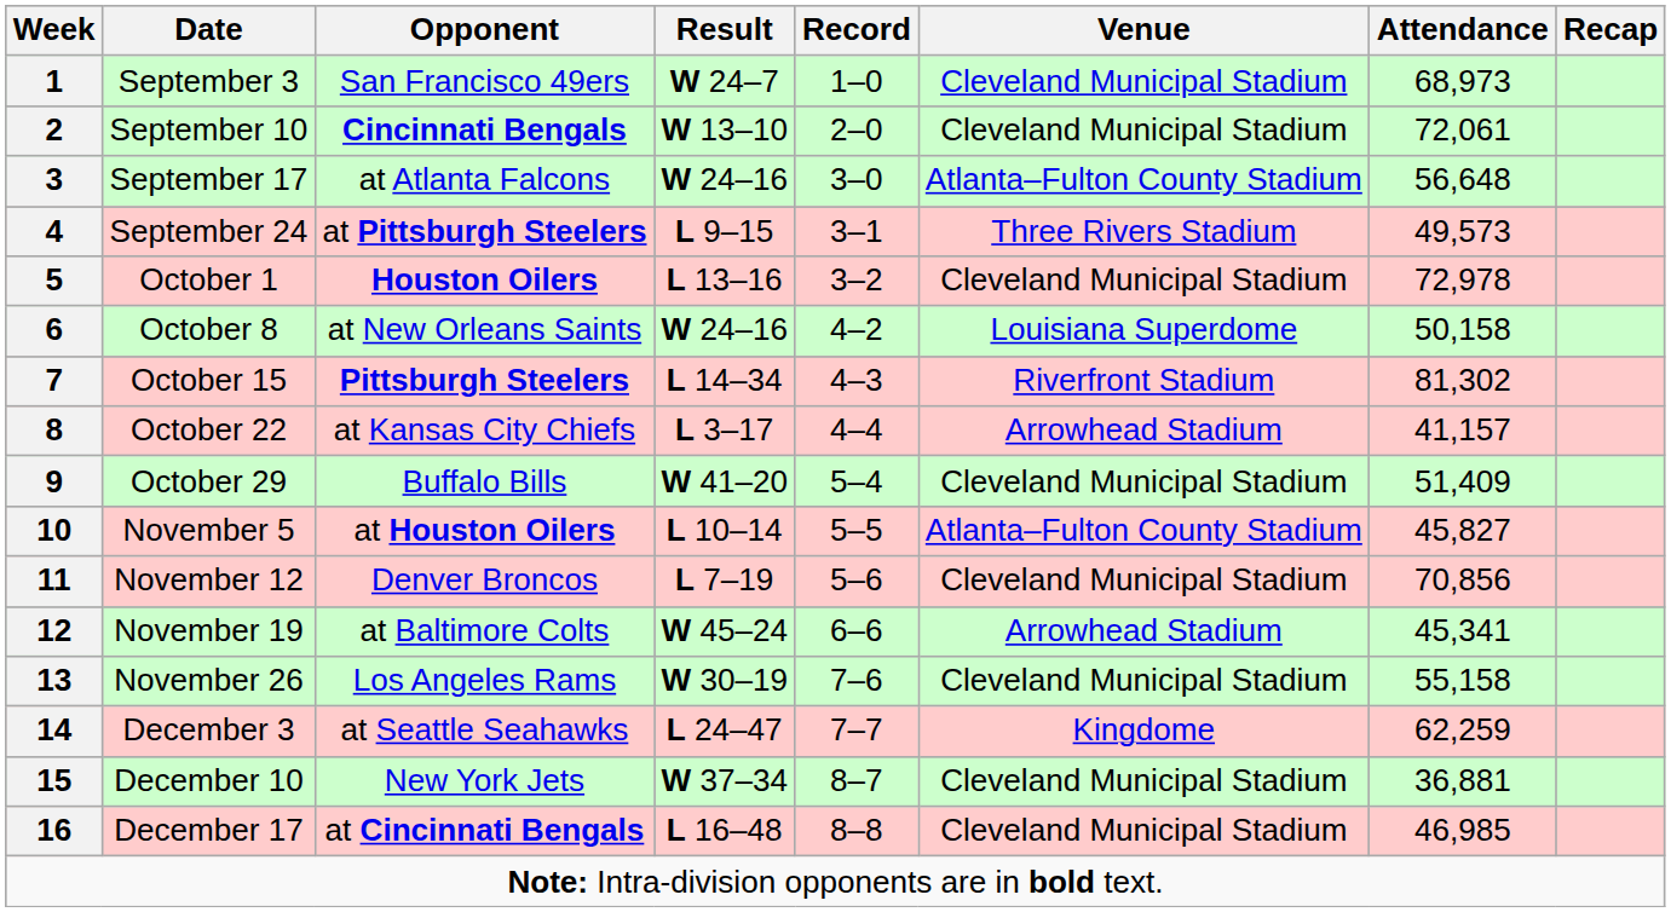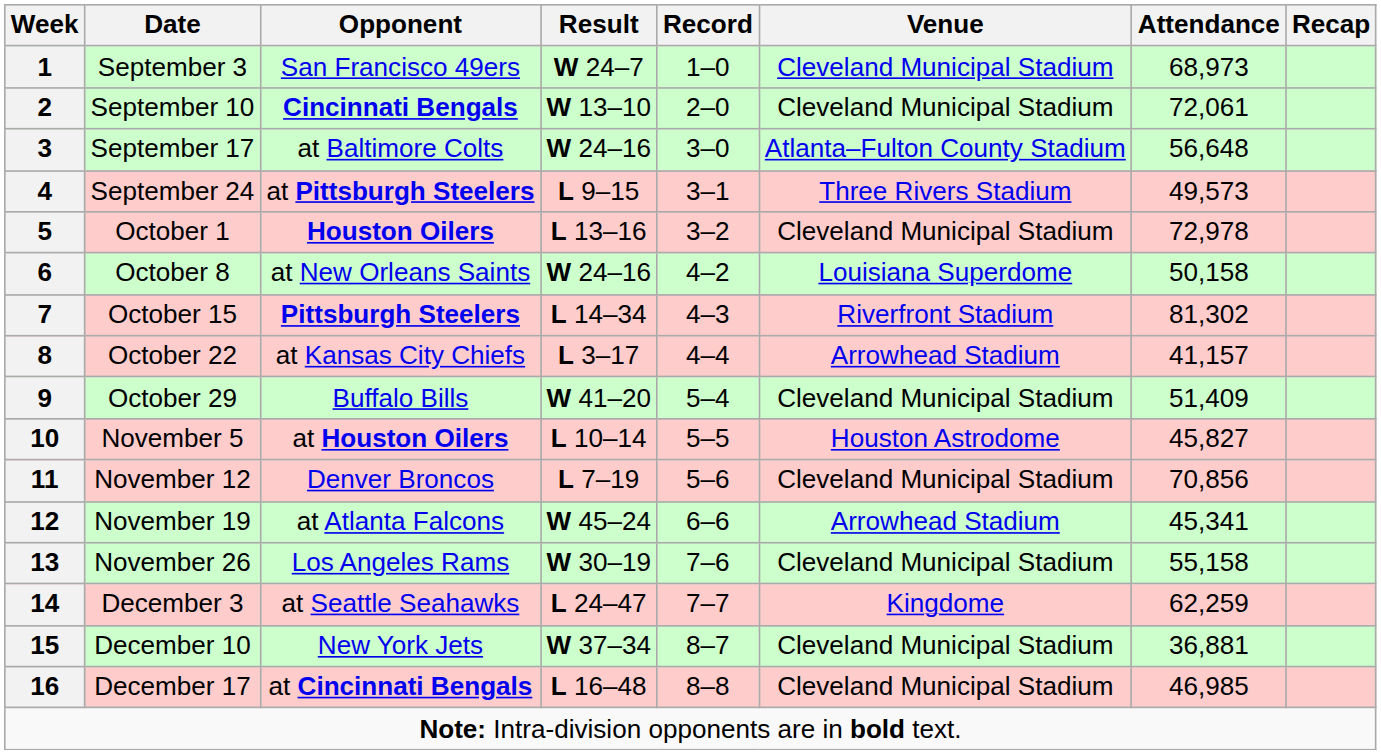 <table class="wikitable" style="text-align:center">
 <tr>
 <th>Week</th>
 <th>Date</th>
 <th>Opponent</th>
 <th>Result</th>
 <th>Record</th>
 <th>Venue</th>
 <th>Attendance</th>
 <th>Recap</th>
 </tr>
 <tr style="background:#cfc">
 <th>1</th>
 <td>September 3</td>
 <td><a href='#'>San Francisco 49ers</a></td>
 <td><strong>W</strong> 24–7</td>
 <td>1–0</td>
 <td><a href='#'>Cleveland Municipal Stadium</a></td>
 <td>68,973</td>
 <td></td>
 </tr>
 <tr style="background:#cfc">
 <th>2</th>
 <td>September 10</td>
 <td><strong><a href='#'>Cincinnati Bengals</a></strong></td>
 <td><strong>W</strong> 13–10</td>
 <td>2–0</td>
 <td>Cleveland Municipal Stadium</td>
 <td>72,061</td>
 <td></td>
 </tr>
 <tr style="background:#cfc">
 <th>3</th>
 <td>September 17</td>
-<td>at <a href='#'>Atlanta Falcons</a></td>
+<td>at <a href='#'>Baltimore Colts</a></td>
 <td><strong>W</strong> 24–16</td>
 <td>3–0</td>
 <td><a href='#'>Atlanta–Fulton County Stadium</a></td>
 <td>56,648</td>
 <td></td>
 </tr>
 <tr style="background:#fcc">
 <th>4</th>
 <td>September 24</td>
 <td>at <strong><a href='#'>Pittsburgh Steelers</a></strong></td>
 <td><strong>L</strong> 9–15</td>
 <td>3–1</td>
 <td><a href='#'>Three Rivers Stadium</a></td>
 <td>49,573</td>
 <td></td>
 </tr>
 <tr style="background:#fcc">
 <th>5</th>
 <td>October 1</td>
 <td><strong><a href='#'>Houston Oilers</a></strong></td>
 <td><strong>L</strong> 13–16</td>
 <td>3–2</td>
 <td>Cleveland Municipal Stadium</td>
 <td>72,978</td>
 <td></td>
 </tr>
 <tr style="background:#cfc">
 <th>6</th>
 <td>October 8</td>
 <td>at <a href='#'>New Orleans Saints</a></td>
 <td><strong>W</strong> 24–16</td>
 <td>4–2</td>
 <td><a href='#'>Louisiana Superdome</a></td>
 <td>50,158</td>
 <td></td>
 </tr>
 <tr style="background:#fcc">
 <th>7</th>
 <td>October 15</td>
 <td><strong><a href='#'>Pittsburgh Steelers</a></strong></td>
 <td><strong>L</strong> 14–34</td>
 <td>4–3</td>
 <td><a href='#'>Riverfront Stadium</a></td>
 <td>81,302</td>
 <td></td>
 </tr>
 <tr style="background:#fcc">
 <th>8</th>
 <td>October 22</td>
 <td>at <a href='#'>Kansas City Chiefs</a></td>
 <td><strong>L</strong> 3–17</td>
 <td>4–4</td>
 <td><a href='#'>Arrowhead Stadium</a></td>
 <td>41,157</td>
 <td></td>
 </tr>
 <tr style="background:#cfc">
 <th>9</th>
 <td>October 29</td>
 <td><a href='#'>Buffalo Bills</a></td>
 <td><strong>W</strong> 41–20</td>
 <td>5–4</td>
 <td>Cleveland Municipal Stadium</td>
 <td>51,409</td>
 <td></td>
 </tr>
 <tr style="background:#fcc">
 <th>10</th>
 <td>November 5</td>
 <td>at <strong><a href='#'>Houston Oilers</a></strong></td>
 <td><strong>L</strong> 10–14</td>
 <td>5–5</td>
-<td><a href='#'>Atlanta–Fulton County Stadium</a></td>
+<td><a href='#'>Houston Astrodome</a></td>
 <td>45,827</td>
 <td></td>
 </tr>
 <tr style="background:#fcc">
 <th>11</th>
 <td>November 12</td>
 <td><a href='#'>Denver Broncos</a></td>
 <td><strong>L</strong> 7–19</td>
 <td>5–6</td>
 <td>Cleveland Municipal Stadium</td>
 <td>70,856</td>
 <td></td>
 </tr>
 <tr style="background:#cfc">
 <th>12</th>
 <td>November 19</td>
-<td>at <a href='#'>Baltimore Colts</a></td>
+<td>at <a href='#'>Atlanta Falcons</a></td>
 <td><strong>W</strong> 45–24</td>
 <td>6–6</td>
 <td><a href='#'>Arrowhead Stadium</a></td>
 <td>45,341</td>
 <td></td>
 </tr>
 <tr style="background:#cfc">
 <th>13</th>
 <td>November 26</td>
 <td><a href='#'>Los Angeles Rams</a></td>
 <td><strong>W</strong> 30–19</td>
 <td>7–6</td>
 <td>Cleveland Municipal Stadium</td>
 <td>55,158</td>
 <td></td>
 </tr>
 <tr style="background:#fcc">
 <th>14</th>
 <td>December 3</td>
 <td>at <a href='#'>Seattle Seahawks</a></td>
 <td><strong>L</strong> 24–47</td>
 <td>7–7</td>
 <td><a href='#'>Kingdome</a></td>
 <td>62,259</td>
 <td></td>
 </tr>
 <tr style="background:#cfc">
 <th>15</th>
 <td>December 10</td>
 <td><a href='#'>New York Jets</a></td>
 <td><strong>W</strong> 37–34</td>
 <td>8–7</td>
 <td>Cleveland Municipal Stadium</td>
 <td>36,881</td>
 <td></td>
 </tr>
 <tr style="background:#fcc">
 <th>16</th>
 <td>December 17</td>
 <td>at <strong><a href='#'>Cincinnati Bengals</a></strong></td>
 <td><strong>L</strong> 16–48</td>
 <td>8–8</td>
 <td>Cleveland Municipal Stadium</td>
 <td>46,985</td>
 <td></td>
 </tr>
 <tr>
 <td colspan="8"><strong>Note:</strong> Intra-division opponents are in <strong>bold</strong> text.</td>
 </tr>
 </table>
